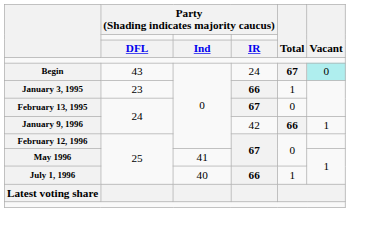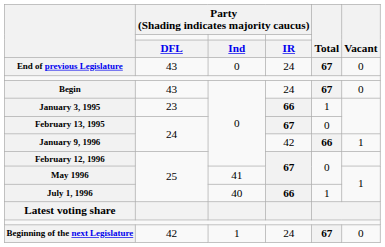 <table class=wikitable style="text-align:center">
 <tr style="vertical-align:bottom;">
 <th rowspan=3></th>
 <th colspan=3>Party <div>(Shading indicates majority caucus)</div></th>
 <th rowspan=3>Total</th>
 <th rowspan=3>Vacant</th>
 </tr>
 <tr style="height:5px">
 <td style="background-color:"></td>
 <td style="background-color:"></td>
 <td style="background-color:"></td>
 </tr>
 <tr>
 <th><a href='#'>DFL</a></th>
 <th><a href='#'>Ind</a></th>
 <th><a href='#'>IR</a></th>
 </tr>
 <tr>
+<th style="white-space:nowrap; font-size:80%;">End of <a href='#'>previous Legislature</a></th>
+<td>43</td>
+<td>0</td>
+<td>24</td>
+<th>67</th>
+<td>0</td>
+</tr>
+<tr>
 <td colspan=6></td>
 </tr>
 <tr>
 <th style="font-size:80%">Begin</th>
 <td>43</td>
 <td rowspan="5">0</td>
 <td>24</td>
 <th>67</th>
-<td style="background: paleturquoise;">0</td>
+<td>0</td>
 </tr>
 <tr>
 <th style="font-size:80%">January 3, 1995 </th>
 <td>23</td>
 <th>66</th>
 <td>1</td>
 </tr>
 <tr>
 <th style="font-size:80%">February 13, 1995 </th>
 <td rowspan="2">24</td>
 <th>67</th>
 <td>0</td>
 </tr>
 <tr>
 <th style="font-size:80%">January 9, 1996 </th>
 <td>42</td>
 <th>66</th>
 <td>1</td>
 </tr>
 <tr>
 <th style="font-size:80%">February 12, 1996 </th>
 <td rowspan="3">25</td>
 <th rowspan="2">67</th>
 <td rowspan="2">0</td>
 </tr>
 <tr>
 <th style="font-size:80%">May 1996 </th>
 <td>41</td>
 <td rowspan="2">1</td>
 </tr>
 <tr>
 <th style="font-size:80%">July 1, 1996 </th>
 <td>40</td>
 <th>66</th>
 <td>1</td>
 </tr>
 <tr>
 <th>Latest voting share</th>
 <th></th>
 <th></th>
 <th></th>
 <th colspan=2></th>
 </tr>
 <tr>
 <td colspan=6></td>
 </tr>
+<tr>
+<th style="white-space:nowrap; font-size:80%;">Beginning of the <a href='#'>next Legislature</a></th>
+<td>42</td>
+<td>1</td>
+<td>24</td>
+<th>67</th>
+<td>0</td>
+</tr>
 </table>
